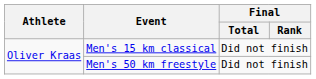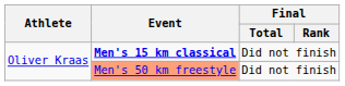 <table class="wikitable" style="font-size:90%">
 <tr>
 <th rowspan="2">Athlete</th>
 <th rowspan="2">Event</th>
 <th colspan="2">Final</th>
 </tr>
 <tr>
 <th>Total</th>
 <th>Rank</th>
 </tr>
 <tr>
 <td rowspan=2><a href='#'>Oliver Kraas</a></td>
-<td><a href='#'>Men's 15 km classical</a></td>
+<td><strong><a href='#'>Men's 15 km classical</a></strong></td>
 <td colspan=2 align="center">Did not finish</td>
 </tr>
 <tr>
-<td><a href='#'>Men's 50 km freestyle</a></td>
+<td style="background: lightsalmon;"><a href='#'>Men's 50 km freestyle</a></td>
 <td colspan=2 align="center">Did not finish</td>
 </tr>
 </table>
